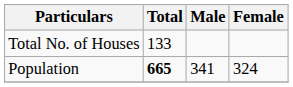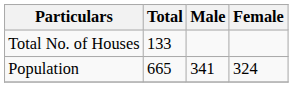 <table class="wikitable sortable">
 <tr>
 <th>Particulars</th>
 <th>Total</th>
 <th>Male</th>
 <th>Female</th>
 </tr>
 <tr>
 <td>Total No. of Houses</td>
 <td>133</td>
 <td></td>
 <td></td>
 </tr>
 <tr>
 <td>Population</td>
-<td><strong>665</strong></td>
+<td>665</td>
 <td>341</td>
 <td>324</td>
 </tr>
 <tr>
 </tr>
 </table>
